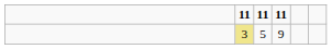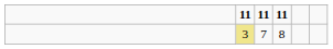 <table class="wikitable">
 <tr>
 <td style="width:18em"></td>
 <td align=center style="width:1em"><strong>11</strong></td>
 <td align=center style="width:1em"><strong>11</strong></td>
 <td align=center style="width:1em"><strong>11</strong></td>
 <td align=center style="width:1em"></td>
 <td align=center style="width:1em"></td>
 </tr>
 <tr>
 <td style="width:18em"></td>
 <td align=center style="background: khaki; width:1em">3</td>
-<td align=center style="width:1em">5</td>
-<td align=center style="width:1em">9</td>
+<td align=center style="width:1em">7</td>
+<td align=center style="width:1em">8</td>
 <td align=center style="width:1em"></td>
 <td align=center style="width:1em"></td>
 </tr>
 </table>
